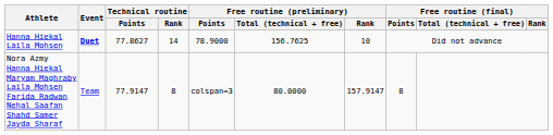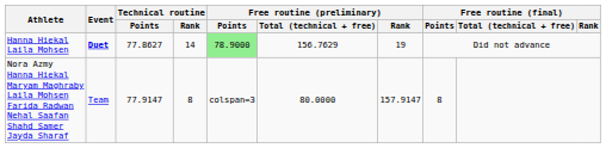 <table class="wikitable" style="font-size:90%">
 <tr>
 <th rowspan="2">Athlete</th>
 <th rowspan="2">Event</th>
 <th colspan=2>Technical routine</th>
 <th colspan=3>Free routine (preliminary)</th>
 <th colspan=3>Free routine (final)</th>
 </tr>
 <tr style="font-size:95%">
 <th>Points</th>
 <th>Rank</th>
 <th>Points</th>
 <th>Total (technical + free)</th>
 <th>Rank</th>
 <th>Points</th>
 <th>Total (technical + free)</th>
 <th>Rank</th>
 </tr>
 <tr align=center>
 <td align=left><a href='#'>Hanna Hiekal</a><br><a href='#'>Laila Mohsen</a></td>
 <td align=left><strong><a href='#'>Duet</a></strong></td>
 <td>77.8627</td>
 <td>14</td>
-<td>78.9000</td>
-<td>156.7625</td>
-<td>10</td>
+<td style="background: lightgreen;">78.9000</td>
+<td>156.7629</td>
+<td>19</td>
 <td colspan="3">Did not advance</td>
 </tr>
 <tr align=center>
 <td align=left>Nora Azmy<br><a href='#'>Hanna Hiekal</a><br><a href='#'>Maryam Maghraby</a><br><a href='#'>Laila Mohsen</a><br><a href='#'>Farida Radwan</a><br><a href='#'>Nehal Saafan</a><br><a href='#'>Shahd Samer</a><br><a href='#'>Jayda Sharaf</a></td>
 <td align=left><a href='#'>Team</a></td>
 <td>77.9147</td>
 <td>8</td>
 <td>colspan=3 </td>
 <td>80.0000</td>
 <td>157.9147</td>
 <td>8</td>
 </tr>
 </table>
